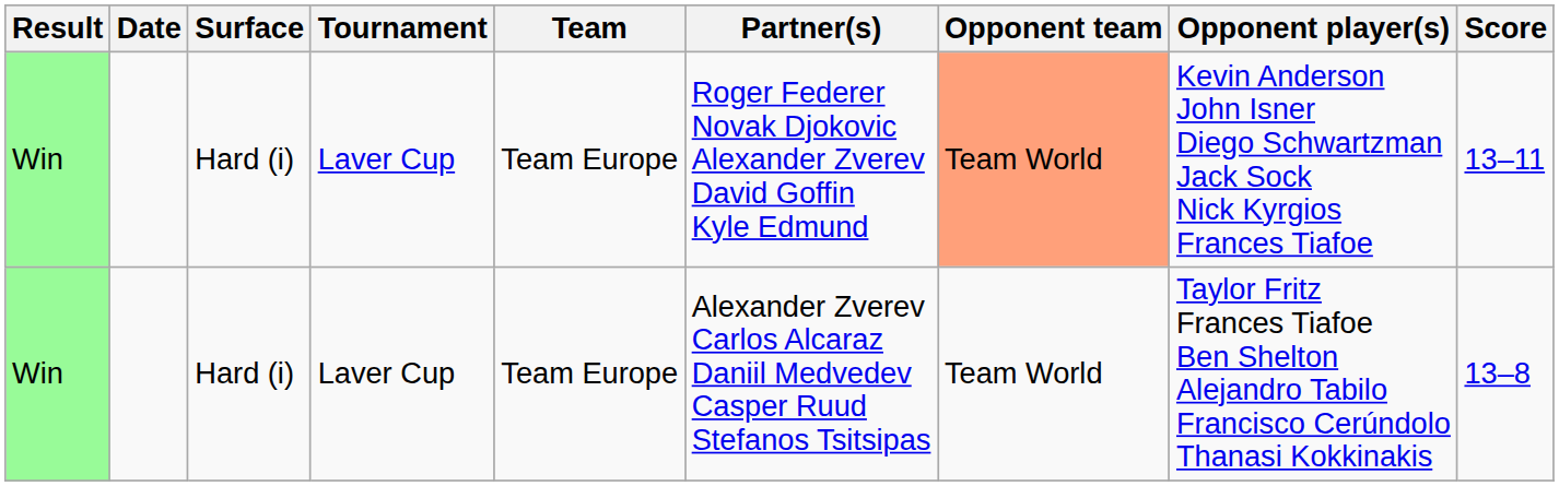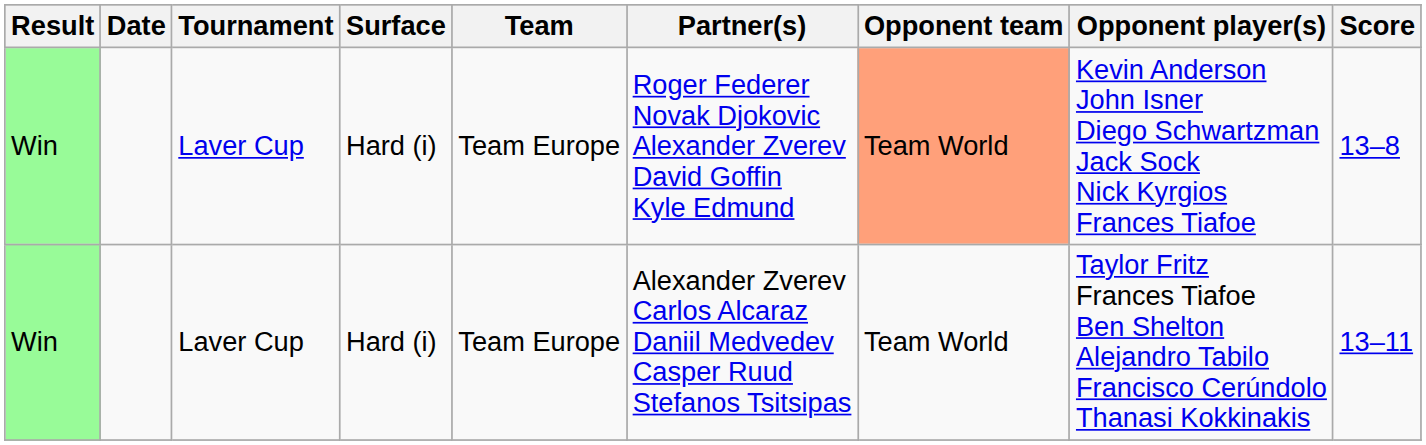 <table class="wikitable nowrap">
 <tr>
 <th>Result</th>
 <th>Date</th>
+<th>Tournament</th>
 <th>Surface</th>
-<th>Tournament</th>
 <th>Team</th>
 <th>Partner(s)</th>
 <th>Opponent team</th>
 <th>Opponent player(s)</th>
 <th>Score</th>
 </tr>
 <tr>
 <td bgcolor=98fb98>Win</td>
 <td><a href='#'></a></td>
+<td><a href='#'>Laver Cup</a></td>
 <td>Hard (i)</td>
-<td><a href='#'>Laver Cup</a></td>
 <td> Team Europe</td>
 <td><a href='#'>Roger Federer</a><br><a href='#'>Novak Djokovic</a><br><a href='#'>Alexander Zverev</a><br><a href='#'>David Goffin</a><br><a href='#'>Kyle Edmund</a></td>
 <td style="background: lightsalmon;"> Team World</td>
 <td><a href='#'>Kevin Anderson</a><br><a href='#'>John Isner</a><br><a href='#'>Diego Schwartzman</a><br><a href='#'>Jack Sock</a><br><a href='#'>Nick Kyrgios</a><br><a href='#'>Frances Tiafoe</a></td>
-<td><a href='#'>13–11</a></td>
+<td><a href='#'>13–8</a></td>
 </tr>
 <tr>
 <td bgcolor=98fb98>Win</td>
 <td><a href='#'></a></td>
+<td>Laver Cup</td>
 <td>Hard (i)</td>
-<td>Laver Cup</td>
 <td> Team Europe</td>
 <td>Alexander Zverev<br><a href='#'>Carlos Alcaraz</a><br><a href='#'>Daniil Medvedev</a><br><a href='#'>Casper Ruud</a><br><a href='#'>Stefanos Tsitsipas</a></td>
 <td> Team World</td>
 <td><a href='#'>Taylor Fritz</a><br>Frances Tiafoe<br><a href='#'>Ben Shelton</a><br><a href='#'>Alejandro Tabilo</a><br><a href='#'>Francisco Cerúndolo</a><br><a href='#'>Thanasi Kokkinakis</a></td>
-<td><a href='#'>13–8</a></td>
+<td><a href='#'>13–11</a></td>
 </tr>
 </table>
